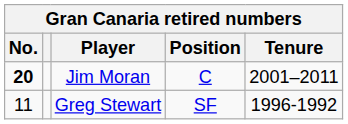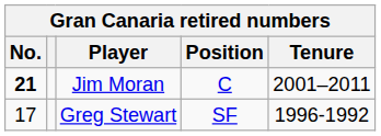 <table class="wikitable" style="text-align:center; font-size:95%;">
 <tr>
 <th colspan="5">Gran Canaria retired numbers</th>
 </tr>
 <tr>
 <th>No.</th>
 <th></th>
 <th>Player</th>
 <th>Position</th>
 <th>Tenure</th>
 </tr>
 <tr>
-<td><strong>20</strong></td>
+<td><strong>21</strong></td>
 <td></td>
 <td><a href='#'>Jim Moran</a></td>
 <td><a href='#'>C</a></td>
 <td>2001–2011</td>
 </tr>
 <tr>
-<td>11</td>
+<td>17</td>
 <td></td>
 <td><a href='#'>Greg Stewart</a></td>
 <td><a href='#'>SF</a></td>
 <td>1996-1992</td>
 </tr>
 </table>
